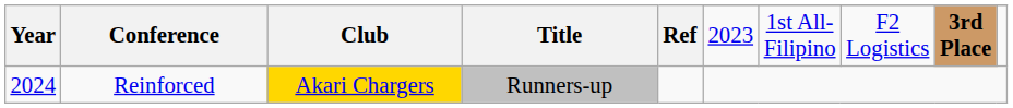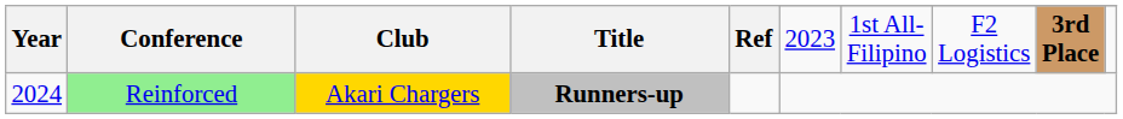 <table class="wikitable sortable" style="text-align:center" width="80%">
 <tr>
 <th style="width:25px;" rowspan="2">Year</th>
 <th style="width:180px;" rowspan="2">Conference</th>
 <th style="width:180px;" rowspan="2">Club</th>
 <th style="width:180px;" rowspan="2">Title</th>
 <th style="width:25px;" rowspan="2">Ref</th>
 </tr>
 <tr>
 <td><a href='#'>2023</a></td>
 <td><a href='#'>1st All-Filipino</a></td>
 <td><a href='#'>F2 Logistics</a></td>
 <td style="background:#c96;"><strong>3rd Place</strong></td>
 <td></td>
 </tr>
 <tr>
 <td><a href='#'>2024</a></td>
-<td><a href='#'>Reinforced</a></td>
+<td style="background: lightgreen;"><a href='#'>Reinforced</a></td>
 <td style="background: gold;"><a href='#'>Akari Chargers</a></td>
-<td style="background:silver">Runners-up</td>
+<td style="background:silver"><strong>Runners-up</strong></td>
 <td></td>
 </tr>
 </table>
